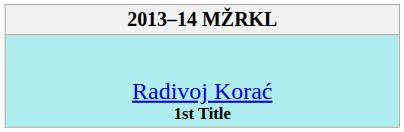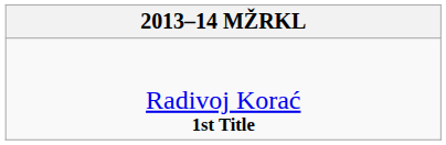 <table class="wikitable" style="margin: 0 auto; width: 30%;">
 <tr>
 <th><big>2013–14 MŽRKL</big><br></th>
 </tr>
 <tr>
-<td align=center style="background: paleturquoise;"><br><br><big><big><a href='#'>Radivoj Korać</a><br></big></big><strong>1st Title</strong></td>
+<td align=center><br><br><big><big><a href='#'>Radivoj Korać</a><br></big></big><strong>1st Title</strong></td>
 </tr>
 </table>
